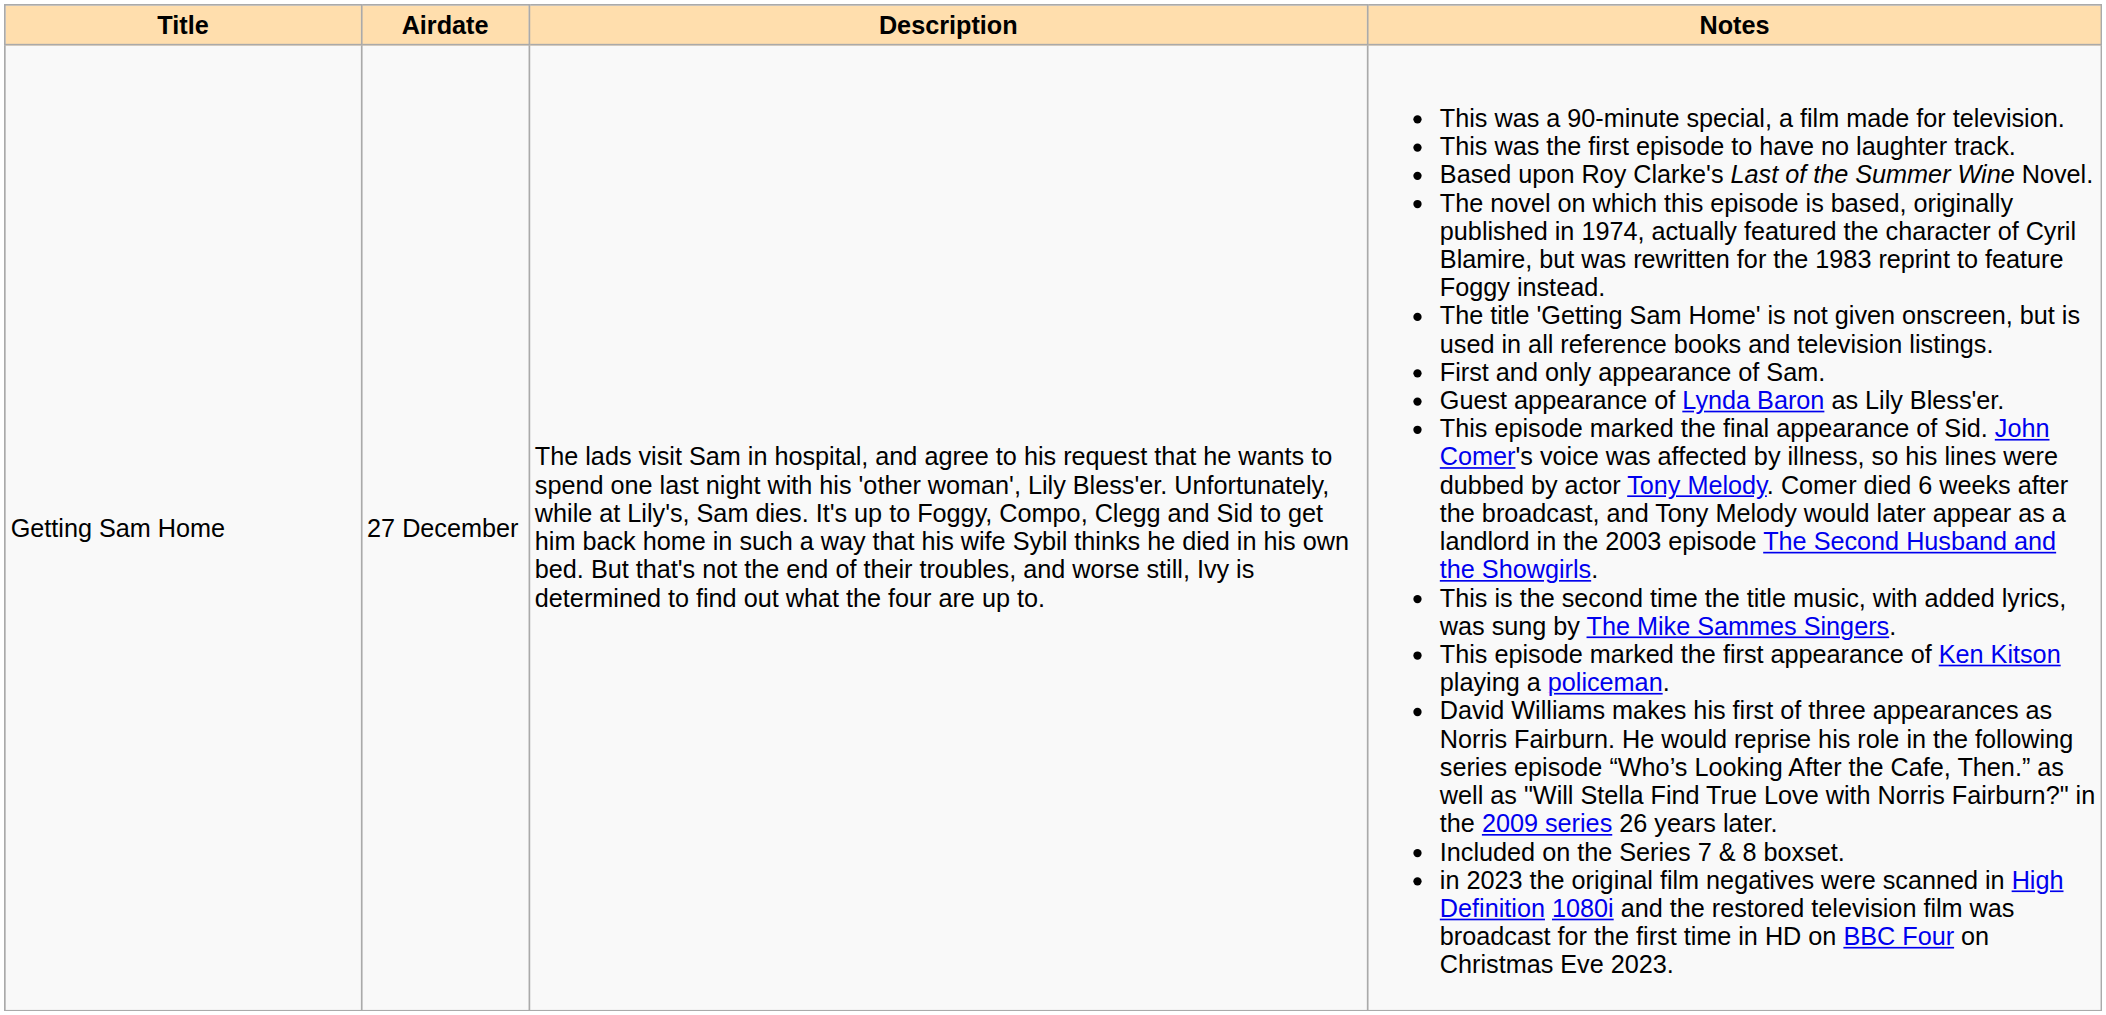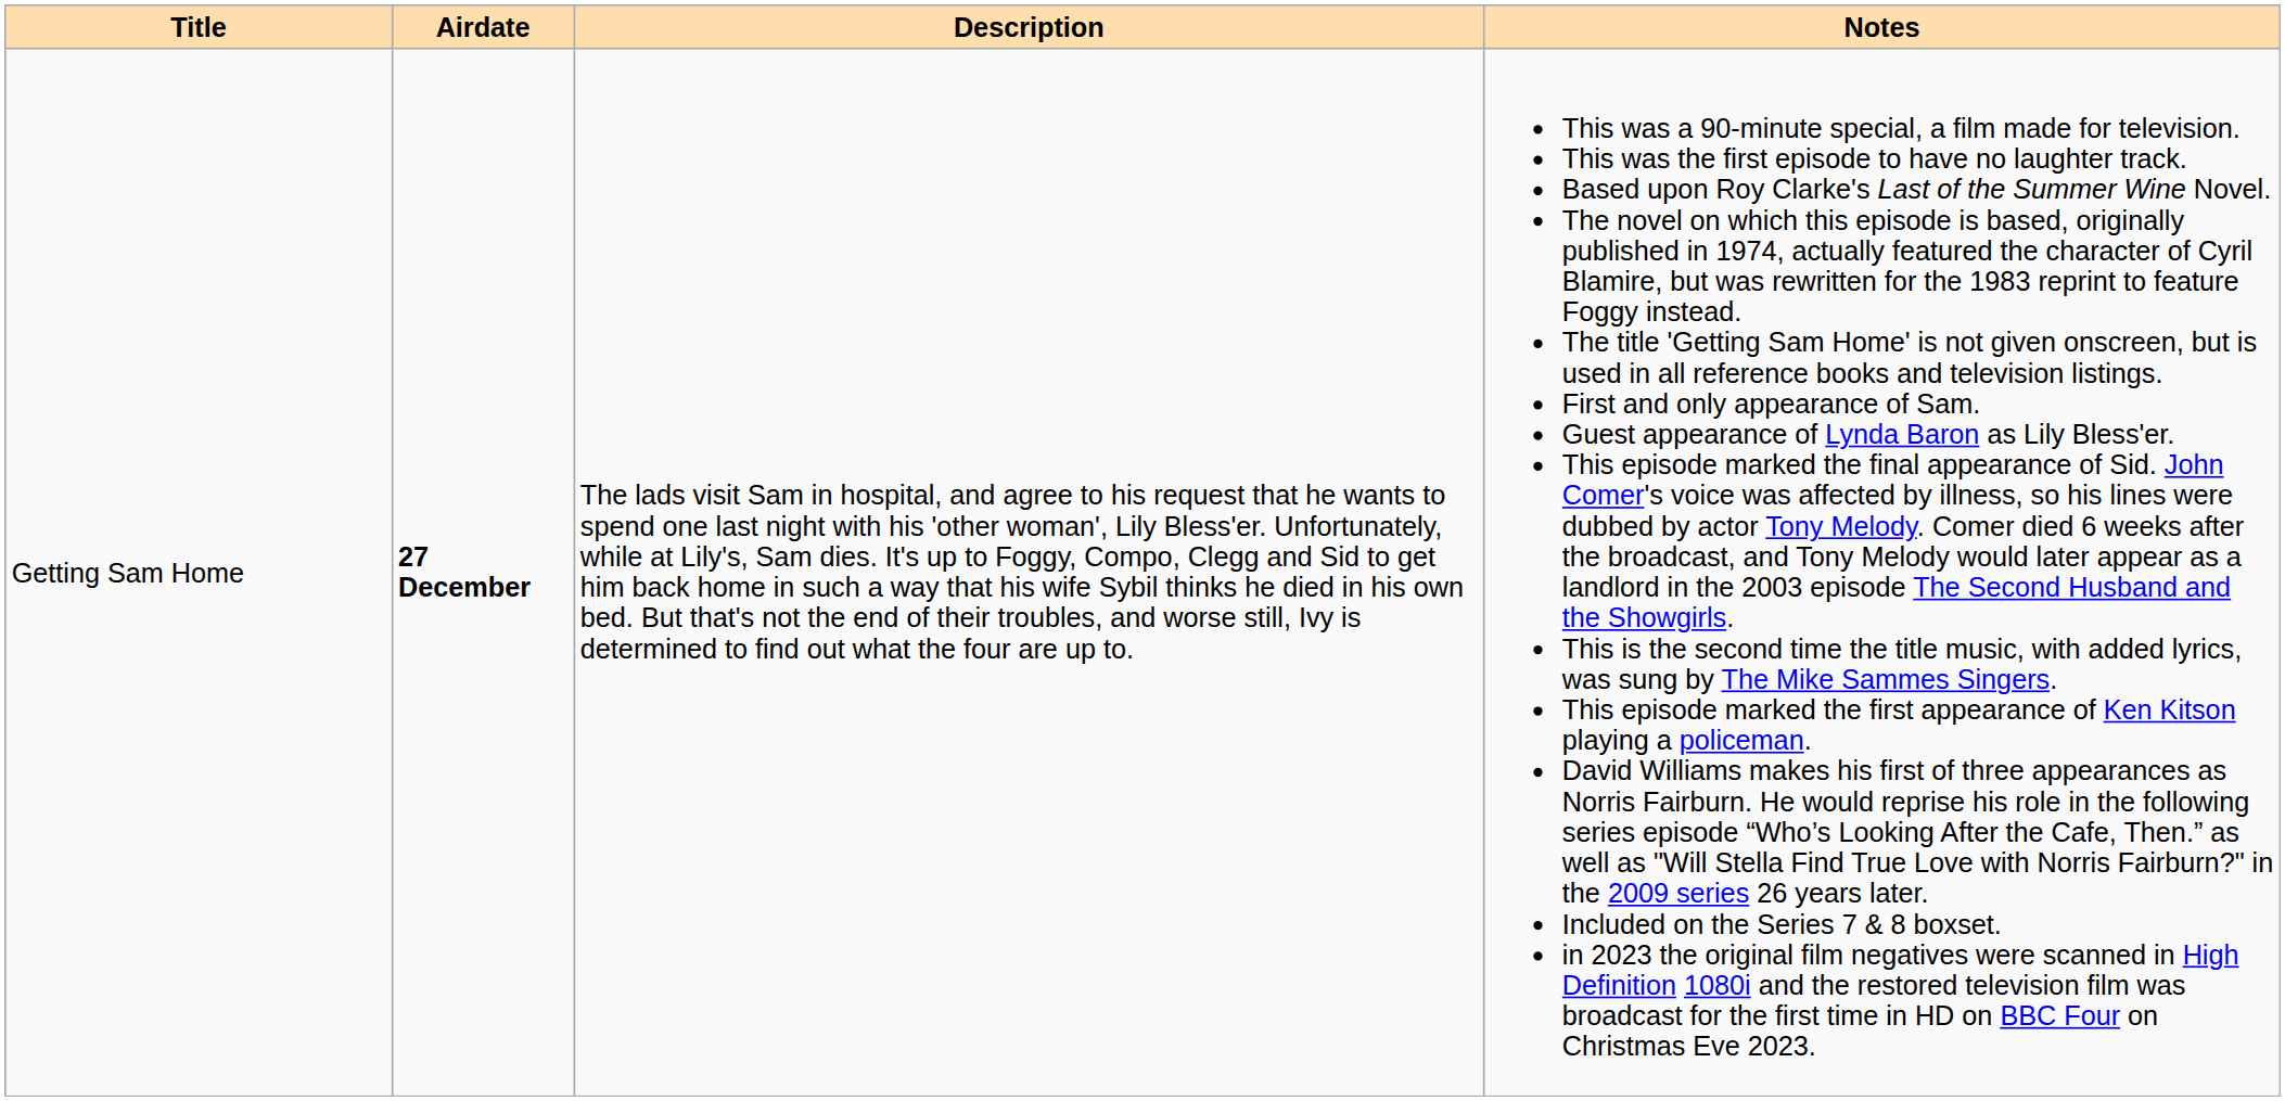 <table class="wikitable" width=100% border=1 style="font-size: 95%">
 <tr>
 <th style="background:#ffdead" width=17%>Title</th>
 <th style="background:#ffdead" width=8%>Airdate</th>
 <th style="background:#ffdead" width=40%>Description</th>
 <th style="background:#ffdead" width=35%>Notes</th>
 </tr>
 <tr>
 <td>Getting Sam Home</td>
-<td>27 December</td>
+<td><strong>27 December</strong></td>
 <td>The lads visit Sam in hospital, and agree to his request that he wants to spend one last night with his 'other woman', Lily Bless'er. Unfortunately, while at Lily's, Sam dies. It's up to Foggy, Compo, Clegg and Sid to get him back home in such a way that his wife Sybil thinks he died in his own bed. But that's not the end of their troubles, and worse still, Ivy is determined to find out what the four are up to.</td>
 <td><br><ul><li>This was a 90-minute special, a film made for television.</li><li>This was the first episode to have no laughter track.</li><li>Based upon Roy Clarke's <em>Last of the Summer Wine</em> Novel.</li><li>The novel on which this episode is based, originally published in 1974, actually featured the character of Cyril Blamire, but was rewritten for the 1983 reprint to feature Foggy instead.</li><li>The title 'Getting Sam Home' is not given onscreen, but is used in all reference books and television listings.</li><li>First and only appearance of Sam.</li><li>Guest appearance of <a href='#'>Lynda Baron</a> as Lily Bless'er.</li><li>This episode marked the final appearance of Sid. <a href='#'>John Comer</a>'s voice was affected by illness, so his lines were dubbed by actor <a href='#'>Tony Melody</a>. Comer died 6 weeks after the broadcast, and Tony Melody would later appear as a landlord in the 2003 episode <a href='#'>The Second Husband and the Showgirls</a>.</li><li>This is the second time the title music, with added lyrics, was sung by <a href='#'>The Mike Sammes Singers</a>.</li><li>This episode marked the first appearance of <a href='#'>Ken Kitson</a> playing a <a href='#'>policeman</a>.</li><li>David Williams makes his first of three appearances as Norris Fairburn. He would reprise his role in the following series episode “Who’s Looking After the Cafe, Then.” as well as "Will Stella Find True Love with Norris Fairburn?" in the <a href='#'>2009 series</a> 26 years later.</li><li>Included on the Series 7 & 8 boxset.</li><li>in 2023 the original film negatives were scanned in <a href='#'>High Definition</a> <a href='#'>1080i</a> and the restored television film was broadcast for the first time in HD on <a href='#'>BBC Four</a> on Christmas Eve 2023.</li></ul></td>
 </tr>
 <tr>
 </tr>
 </table>
